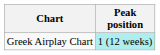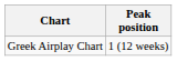 <table class="wikitable">
 <tr>
 <th align="left">Chart</th>
 <th align="left">Peak<br>position</th>
 </tr>
 <tr>
 <td align="left">Greek Airplay Chart</td>
-<td align="center" style="background: paleturquoise;">1 (12 weeks)</td>
+<td align="center">1 (12 weeks)</td>
 </tr>
 </table>
